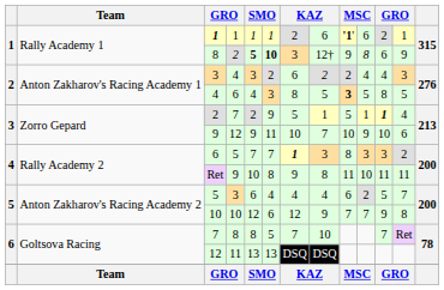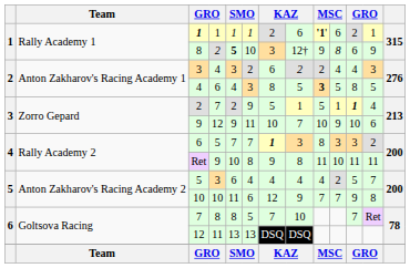 <table align=left| class="wikitable" style="font-size: 90%; text-align: center">
 <tr valign="top">
 <th valign="middle"></th>
 <th valign="middle">Team</th>
 <th colspan=2><a href='#'>GRO</a></th>
 <th colspan=2><a href='#'>SMO</a></th>
 <th colspan=2><a href='#'>KAZ</a></th>
 <th colspan=2><a href='#'>MSC</a></th>
 <th colspan=2><a href='#'>GRO</a></th>
 <th valign="middle"></th>
 </tr>
 <tr>
 <th rowspan="2">1</th>
 <td rowspan="2" align=left>Rally Academy 1</td>
 <td style="background:#ffffbf;"><strong><em>1</em></strong></td>
 <td style="background:#ffffbf;">1</td>
 <td style="background:#ffffbf;"><em>1</em></td>
 <td style="background:#ffffbf;"><em>1</em></td>
 <td style="background:#dfdfdf;">2</td>
 <td style="background:#dfffdf;">6</td>
 <td style="background:#ffffbf;"><strong>'1</strong>'</td>
 <td style="background:#dfffdf;">6</td>
 <td style="background:#dfdfdf;">2</td>
 <td style="background:#ffffbf;">1</td>
 <th rowspan="2">315</th>
 </tr>
 <tr>
 <td style="background:#dfffdf;">8</td>
 <td style="background:#dfdfdf;"><em>2</em></td>
 <td style="background:#dfffdf;"><strong>5</strong></td>
-<td style="background:#dfffdf;"><strong>10</strong></td>
+<td style="background:#dfffdf;">10</td>
 <td style="background:#ffdf9f;">3</td>
 <td style="background:#dfffdf;">12†</td>
 <td style="background:#dfffdf;">9</td>
 <td style="background:#dfffdf;"><em>8</em></td>
 <td style="background:#dfffdf;">6</td>
 <td style="background:#dfffdf;">9</td>
 </tr>
 <tr>
 <th rowspan="2">2</th>
 <td rowspan="2" align=left>Anton Zakharov's Racing Academy 1</td>
 <td style="background:#ffdf9f;">3</td>
 <td style="background:#dfffdf;">4</td>
 <td style="background:#ffdf9f;">3</td>
 <td style="background:#dfdfdf;">2</td>
 <td style="background:#dfffdf;">6</td>
 <td style="background:#dfdfdf;"><em>2</em></td>
 <td style="background:#dfdfdf;">2</td>
 <td style="background:#dfffdf;">4</td>
 <td style="background:#dfffdf;">4</td>
 <td style="background:#ffdf9f;">3</td>
 <th rowspan="2">276</th>
 </tr>
 <tr>
 <td style="background:#dfffdf;">4</td>
 <td style="background:#dfffdf;">6</td>
 <td style="background:#dfffdf;">4</td>
 <td style="background:#ffdf9f;">3</td>
 <td style="background:#dfffdf;">8</td>
 <td style="background:#dfffdf;">5</td>
 <td style="background:#ffdf9f;"><strong>3</strong></td>
 <td style="background:#dfffdf;">5</td>
 <td style="background:#dfffdf;">8</td>
 <td style="background:#dfffdf;">5</td>
 </tr>
 <tr>
 <th rowspan="2">3</th>
 <td rowspan="2" align=left>Zorro Gepard</td>
 <td style="background:#dfdfdf;">2</td>
 <td style="background:#dfffdf;">7</td>
 <td style="background:#dfdfdf;">2</td>
 <td style="background:#dfffdf;">9</td>
 <td style="background:#dfffdf;">5</td>
 <td style="background:#ffffbf;">1</td>
 <td style="background:#dfffdf;">5</td>
 <td style="background:#ffffbf;">1</td>
 <td style="background:#ffffbf;"><strong><em>1</em></strong></td>
 <td style="background:#dfffdf;">4</td>
 <th rowspan="2">213</th>
 </tr>
 <tr>
 <td style="background:#dfffdf;">9</td>
 <td style="background:#dfffdf;">12</td>
 <td style="background:#dfffdf;">9</td>
 <td style="background:#dfffdf;">11</td>
 <td style="background:#dfffdf;">10</td>
 <td style="background:#dfffdf;">7</td>
 <td style="background:#dfffdf;">10</td>
 <td style="background:#dfffdf;">9</td>
 <td style="background:#dfffdf;">10</td>
 <td style="background:#dfffdf;">6</td>
 </tr>
 <tr>
 <th rowspan="2">4</th>
 <td rowspan="2" align=left>Rally Academy 2</td>
 <td style="background:#dfffdf;">6</td>
 <td style="background:#dfffdf;">5</td>
 <td style="background:#dfffdf;">7</td>
 <td style="background:#dfffdf;">7</td>
 <td style="background:#ffffbf;"><strong><em>1</em></strong></td>
 <td style="background:#ffdf9f;">3</td>
 <td style="background:#dfffdf;">8</td>
 <td style="background:#ffdf9f;">3</td>
 <td style="background:#ffdf9f;">3</td>
 <td style="background:#dfdfdf;">2</td>
 <th rowspan="2">200</th>
 </tr>
 <tr>
 <td style="background:#efcfff;">Ret</td>
 <td style="background:#dfffdf;">9</td>
 <td style="background:#dfffdf;">10</td>
 <td style="background:#dfffdf;">8</td>
 <td style="background:#dfffdf;">9</td>
 <td style="background:#dfffdf;">8</td>
 <td style="background:#dfffdf;">11</td>
 <td style="background:#dfffdf;">10</td>
 <td style="background:#dfffdf;">11</td>
 <td style="background:#dfffdf;">11</td>
 </tr>
 <tr>
 <th rowspan="2">5</th>
 <td rowspan="2" align=left>Anton Zakharov's Racing Academy 2</td>
 <td style="background:#dfffdf;">5</td>
 <td style="background:#ffdf9f;">3</td>
 <td style="background:#dfffdf;">6</td>
 <td style="background:#dfffdf;">4</td>
 <td style="background:#dfffdf;">4</td>
 <td style="background:#dfffdf;">4</td>
-<td style="background:#dfffdf;">6</td>
+<td style="background:#dfffdf;">4</td>
 <td style="background:#dfdfdf;">2</td>
 <td style="background:#dfffdf;">5</td>
 <td style="background:#dfffdf;">7</td>
 <th rowspan="2">200</th>
 </tr>
 <tr>
 <td style="background:#dfffdf;">10</td>
 <td style="background:#dfffdf;">10</td>
-<td style="background:#dfffdf;">12</td>
+<td style="background:#dfffdf;">11</td>
 <td style="background:#dfffdf;">6</td>
 <td style="background:#dfffdf;">12</td>
 <td style="background:#dfffdf;">9</td>
 <td style="background:#dfffdf;">7</td>
 <td style="background:#dfffdf;">7</td>
 <td style="background:#dfffdf;">9</td>
 <td style="background:#dfffdf;">8</td>
 </tr>
 <tr>
 <th rowspan="2">6</th>
 <td rowspan="2" align=left>Goltsova Racing</td>
 <td style="background:#dfffdf;">7</td>
 <td style="background:#dfffdf;">8</td>
 <td style="background:#dfffdf;">8</td>
 <td style="background:#dfffdf;">5</td>
 <td style="background:#dfffdf;">7</td>
 <td style="background:#dfffdf;">10</td>
 <td></td>
 <td></td>
 <td style="background:#dfffdf;">7</td>
 <td style="background:#efcfff;">Ret</td>
 <th rowspan="2">78</th>
 </tr>
 <tr>
 <td style="background:#dfffdf;">12</td>
 <td style="background:#dfffdf;">11</td>
 <td style="background:#dfffdf;">13</td>
 <td style="background:#dfffdf;">13</td>
 <td style="background:black; color:white;">DSQ</td>
 <td style="background:black; color:white;">DSQ</td>
 <td></td>
 <td></td>
 <td></td>
 <td></td>
 </tr>
 <tr>
 </tr>
 <tr valign="top">
 <th valign="middle"></th>
 <th valign="middle">Team</th>
 <th colspan=2><a href='#'>GRO</a></th>
 <th colspan=2><a href='#'>SMO</a></th>
 <th colspan=2><a href='#'>KAZ</a></th>
 <th colspan=2><a href='#'>MSC</a></th>
 <th colspan=2><a href='#'>GRO</a></th>
 <th valign="middle"></th>
 </tr>
 </table>
